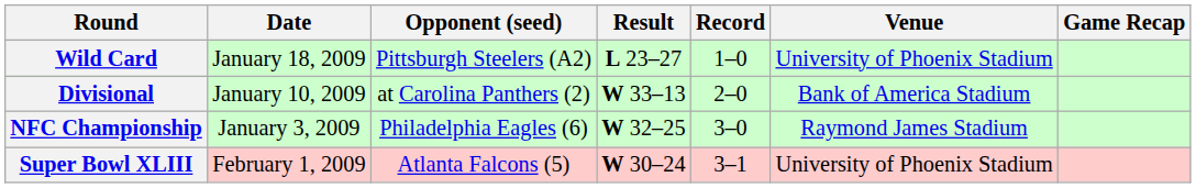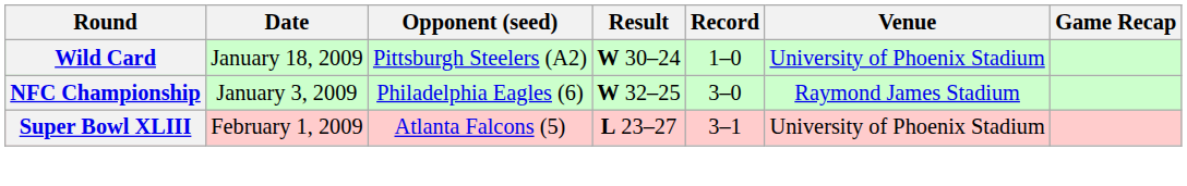 <table class="wikitable" style="text-align:center">
 <tr>
 <th>Round</th>
 <th>Date</th>
 <th>Opponent (seed)</th>
 <th>Result</th>
 <th>Record</th>
 <th>Venue</th>
 <th>Game Recap</th>
 </tr>
 <tr style="background:#cfc">
 <th><a href='#'>Wild Card</a></th>
 <td>January 18, 2009</td>
 <td><a href='#'>Pittsburgh Steelers</a> (A2)</td>
-<td><strong>L</strong> 23–27</td>
+<td><strong>W</strong> 30–24</td>
 <td>1–0</td>
 <td><a href='#'>University of Phoenix Stadium</a></td>
-<td></td>
-</tr>
-<tr style="background:#cfc">
-<th><a href='#'>Divisional</a></th>
-<td>January 10, 2009</td>
-<td>at <a href='#'>Carolina Panthers</a> (2)</td>
-<td><strong>W</strong> 33–13</td>
-<td>2–0</td>
-<td><a href='#'>Bank of America Stadium</a></td>
 <td></td>
 </tr>
 <tr style="background:#cfc">
 <th><a href='#'>NFC Championship</a></th>
 <td>January 3, 2009</td>
 <td><a href='#'>Philadelphia Eagles</a> (6)</td>
 <td><strong>W</strong> 32–25</td>
 <td>3–0</td>
 <td><a href='#'>Raymond James Stadium</a></td>
 <td></td>
 </tr>
 <tr style="background:#fcc">
 <th><a href='#'>Super Bowl XLIII</a></th>
 <td>February 1, 2009</td>
 <td><a href='#'>Atlanta Falcons</a> (5)</td>
-<td><strong>W</strong> 30–24</td>
+<td><strong>L</strong> 23–27</td>
 <td>3–1</td>
 <td>University of Phoenix Stadium</td>
 <td></td>
 </tr>
 </table>
